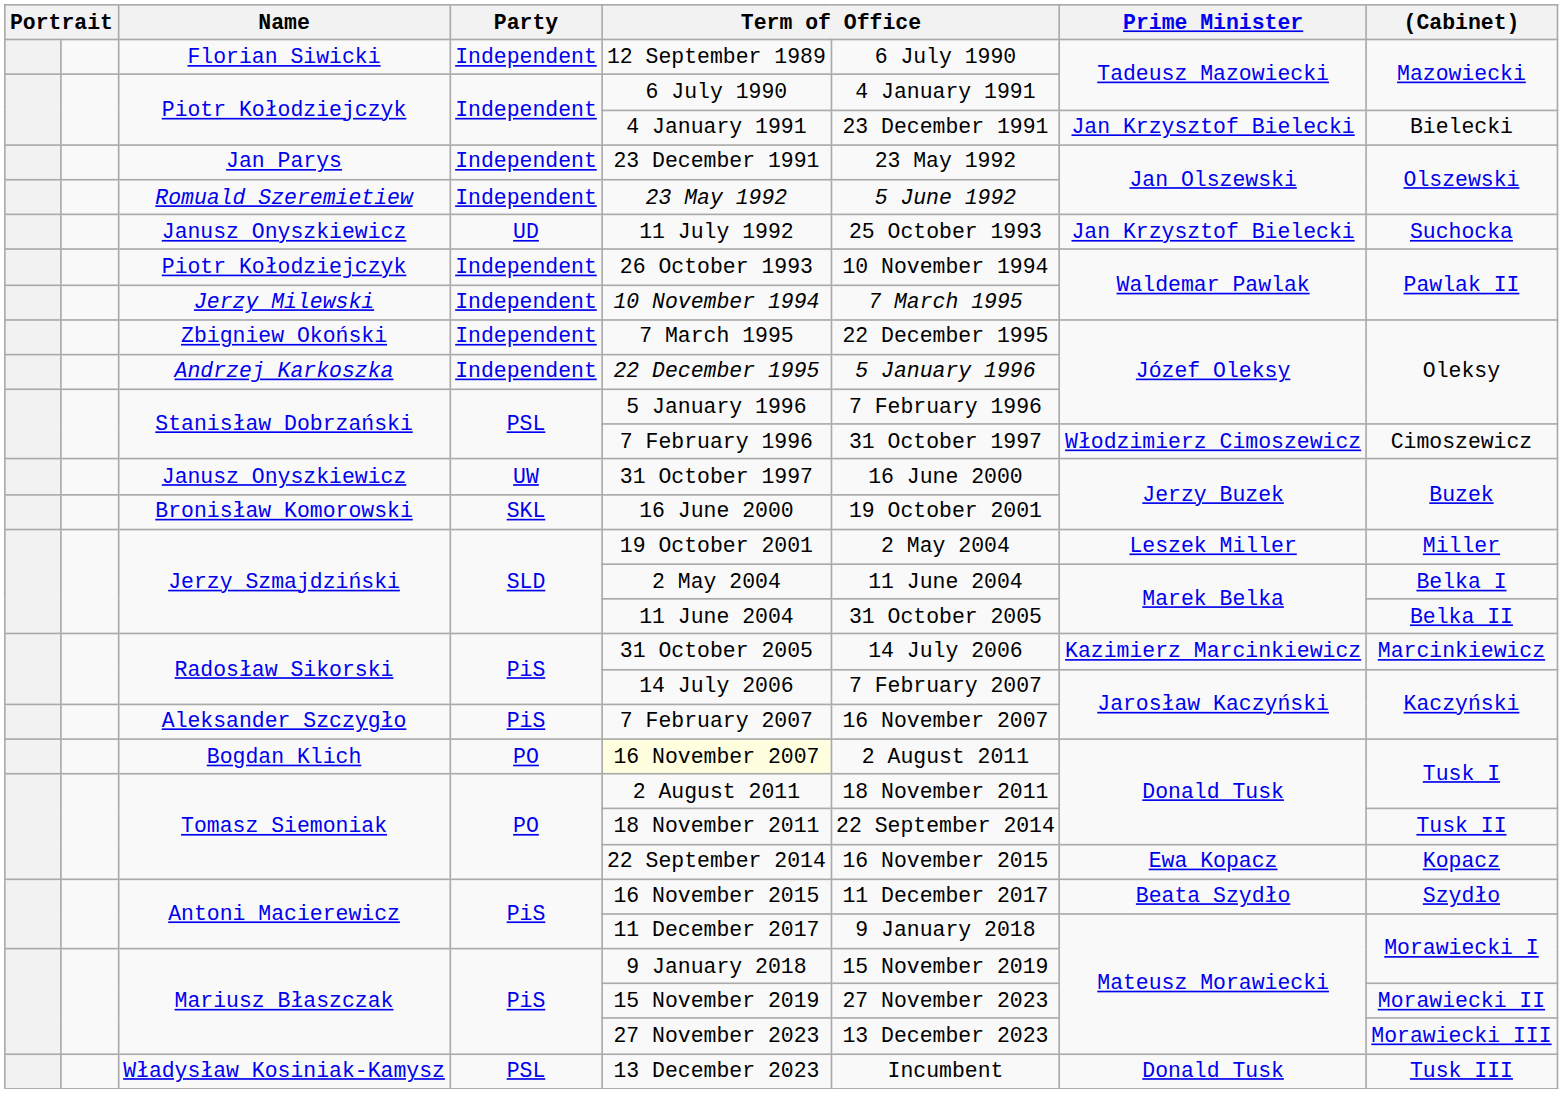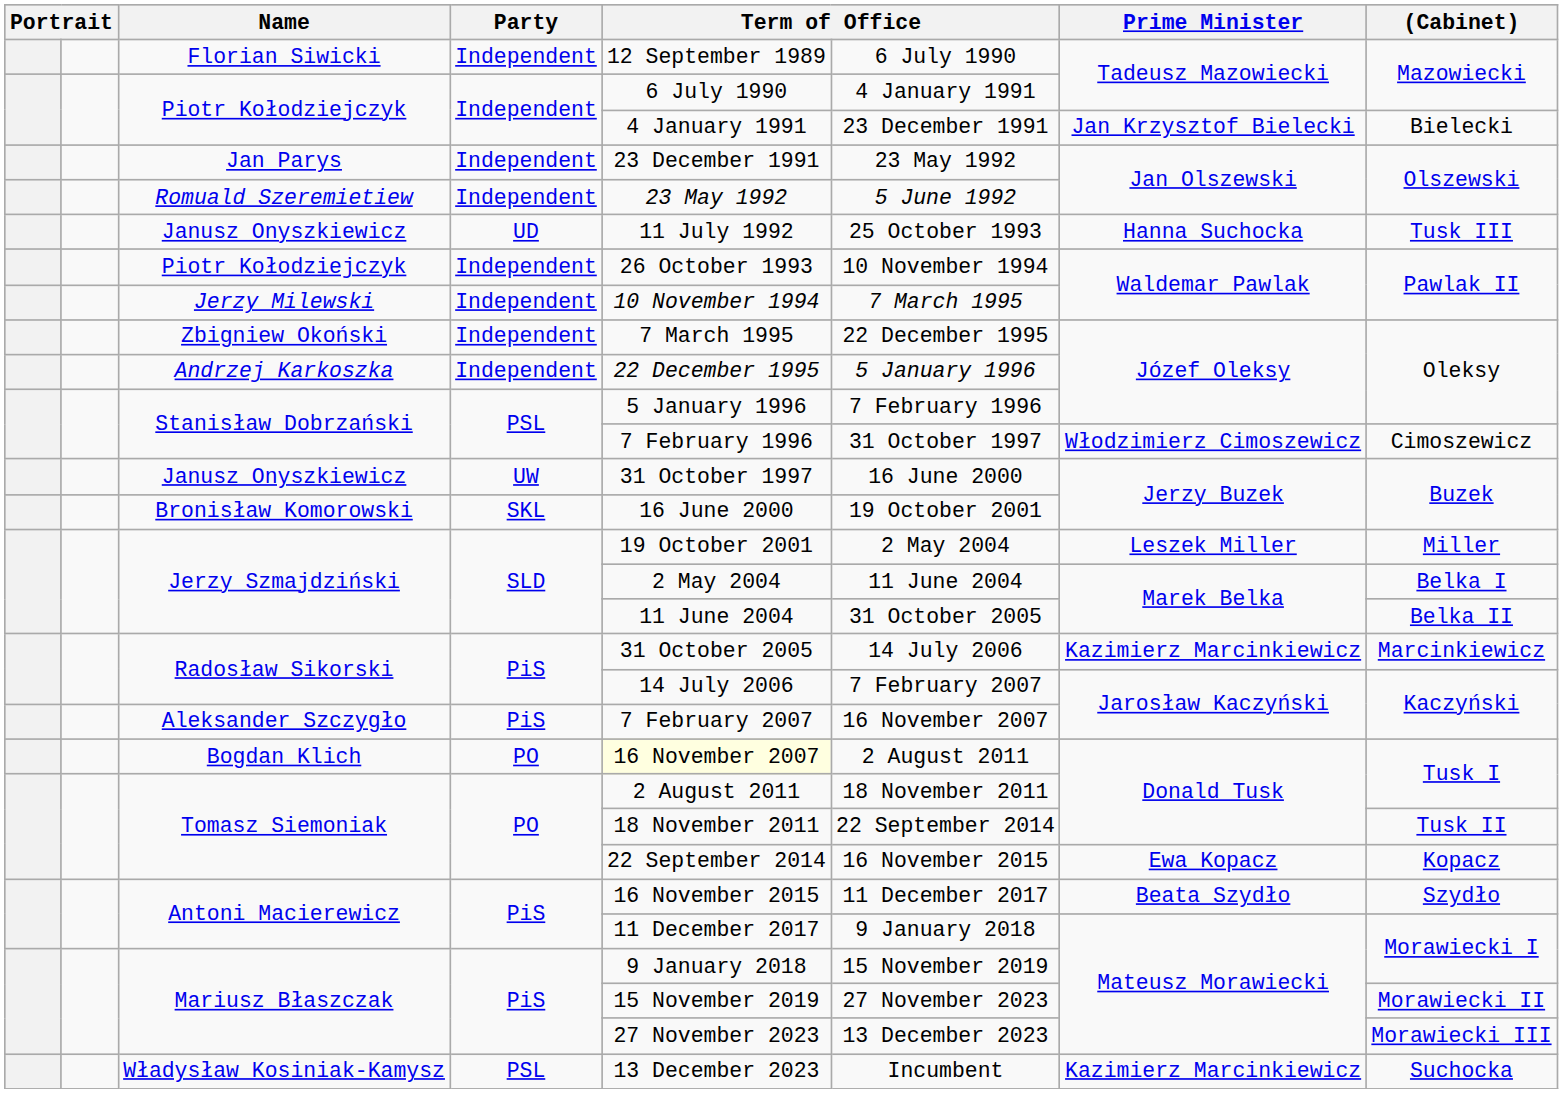 <table class="wikitable" style="text-align:center;">
 <tr>
 <th colspan=2>Portrait</th>
 <th>Name<br></th>
 <th>Party</th>
 <th colspan=2>Term of Office</th>
 <th><a href='#'>Prime Minister</a></th>
 <th>(Cabinet)</th>
 </tr>
 <tr>
 <th style="background:"></th>
 <td></td>
 <td><a href='#'>Florian Siwicki</a><br></td>
 <td><a href='#'>Independent</a></td>
 <td>12 September 1989</td>
 <td>6 July 1990</td>
 <td rowspan=2><a href='#'>Tadeusz Mazowiecki</a></td>
 <td rowspan=2><a href='#'>Mazowiecki</a></td>
 </tr>
 <tr>
 <th rowspan=2 style="background:"></th>
 <td rowspan=2></td>
 <td rowspan=2><a href='#'>Piotr Kołodziejczyk</a><br></td>
 <td rowspan=2><a href='#'>Independent</a></td>
 <td>6 July 1990</td>
 <td>4 January 1991</td>
 </tr>
 <tr>
 <td>4 January 1991</td>
 <td>23 December 1991</td>
 <td><a href='#'>Jan Krzysztof Bielecki</a></td>
 <td>Bielecki</td>
 </tr>
 <tr>
 <th style="background:"></th>
 <td></td>
 <td><a href='#'>Jan Parys</a><br></td>
 <td><a href='#'>Independent</a></td>
 <td>23 December 1991</td>
 <td>23 May 1992</td>
 <td rowspan=2><a href='#'>Jan Olszewski</a></td>
 <td rowspan=2><a href='#'>Olszewski</a></td>
 </tr>
 <tr>
 <th style="background:"></th>
 <td></td>
 <td><em><a href='#'>Romuald Szeremietiew</a></em><br></td>
 <td><a href='#'>Independent</a></td>
 <td><em>23 May 1992</em></td>
 <td><em>5 June 1992</em></td>
 </tr>
 <tr>
 <th style="background:"></th>
 <td></td>
 <td><a href='#'>Janusz Onyszkiewicz</a><br></td>
 <td><a href='#'>UD</a></td>
 <td>11 July 1992</td>
 <td>25 October 1993</td>
-<td><a href='#'>Jan Krzysztof Bielecki</a></td>
-<td><a href='#'>Suchocka</a></td>
+<td><a href='#'>Hanna Suchocka</a></td>
+<td><a href='#'>Tusk III</a></td>
 </tr>
 <tr>
 <th style="background:"></th>
 <td></td>
 <td><a href='#'>Piotr Kołodziejczyk</a><br></td>
 <td><a href='#'>Independent</a></td>
 <td>26 October 1993</td>
 <td>10 November 1994</td>
 <td rowspan=2><a href='#'>Waldemar Pawlak</a></td>
 <td rowspan=2><a href='#'>Pawlak II</a></td>
 </tr>
 <tr>
 <th style="background:"></th>
 <td></td>
 <td><em><a href='#'>Jerzy Milewski</a></em><br></td>
 <td><a href='#'>Independent</a></td>
 <td><em>10 November 1994</em></td>
 <td><em>7 March 1995</em></td>
 </tr>
 <tr>
 <th style="background:"></th>
 <td></td>
 <td><a href='#'>Zbigniew Okoński</a><br></td>
 <td><a href='#'>Independent</a></td>
 <td>7 March 1995</td>
 <td>22 December 1995</td>
 <td rowspan=3><a href='#'>Józef Oleksy</a></td>
 <td rowspan=3>Oleksy</td>
 </tr>
 <tr>
 <th style="background:"></th>
 <td></td>
 <td><em><a href='#'>Andrzej Karkoszka</a></em><br></td>
 <td><a href='#'>Independent</a></td>
 <td><em>22 December 1995</em></td>
 <td><em>5 January 1996</em></td>
 </tr>
 <tr>
 <th rowspan=2 style="background:"></th>
 <td rowspan=2></td>
 <td rowspan=2><a href='#'>Stanisław Dobrzański</a><br></td>
 <td rowspan=2><a href='#'>PSL</a></td>
 <td>5 January 1996</td>
 <td>7 February 1996</td>
 </tr>
 <tr>
 <td>7 February 1996</td>
 <td>31 October 1997</td>
 <td><a href='#'>Włodzimierz Cimoszewicz</a></td>
 <td>Cimoszewicz</td>
 </tr>
 <tr>
 <th style="background:"></th>
 <td></td>
 <td><a href='#'>Janusz Onyszkiewicz</a><br></td>
 <td><a href='#'>UW</a></td>
 <td>31 October 1997</td>
 <td>16 June 2000</td>
 <td rowspan=2><a href='#'>Jerzy Buzek</a></td>
 <td rowspan=2><a href='#'>Buzek</a></td>
 </tr>
 <tr>
 <th style="background:"></th>
 <td></td>
 <td><a href='#'>Bronisław Komorowski</a><br></td>
 <td><a href='#'>SKL</a></td>
 <td>16 June 2000</td>
 <td>19 October 2001</td>
 </tr>
 <tr>
 <th rowspan=3 style="background:"></th>
 <td rowspan=3></td>
 <td rowspan=3><a href='#'>Jerzy Szmajdziński</a><br></td>
 <td rowspan=3><a href='#'>SLD</a></td>
 <td>19 October 2001</td>
 <td>2 May 2004</td>
 <td><a href='#'>Leszek Miller</a></td>
 <td><a href='#'>Miller</a></td>
 </tr>
 <tr>
 <td>2 May 2004</td>
 <td>11 June 2004</td>
 <td rowspan=2><a href='#'>Marek Belka</a></td>
 <td><a href='#'>Belka I</a></td>
 </tr>
 <tr>
 <td>11 June 2004</td>
 <td>31 October 2005</td>
 <td><a href='#'>Belka II</a></td>
 </tr>
 <tr>
 <th rowspan=2 style="background:"></th>
 <td rowspan=2></td>
 <td rowspan=2><a href='#'>Radosław Sikorski</a><br></td>
 <td rowspan=2><a href='#'>PiS</a></td>
 <td>31 October 2005</td>
 <td>14 July 2006</td>
 <td><a href='#'>Kazimierz Marcinkiewicz</a></td>
 <td><a href='#'>Marcinkiewicz</a></td>
 </tr>
 <tr>
 <td>14 July 2006</td>
 <td>7 February 2007</td>
 <td rowspan=2><a href='#'>Jarosław Kaczyński</a></td>
 <td rowspan=2><a href='#'>Kaczyński</a></td>
 </tr>
 <tr>
 <th style="background:"></th>
 <td></td>
 <td><a href='#'>Aleksander Szczygło</a><br></td>
 <td><a href='#'>PiS</a></td>
 <td>7 February 2007</td>
 <td>16 November 2007</td>
 </tr>
 <tr>
 <th style="background:"></th>
 <td></td>
 <td><a href='#'>Bogdan Klich</a><br></td>
 <td><a href='#'>PO</a></td>
 <td style="background: lightyellow;">16 November 2007</td>
 <td>2 August 2011</td>
 <td rowspan=3><a href='#'>Donald Tusk</a></td>
 <td rowspan=2><a href='#'>Tusk I</a></td>
 </tr>
 <tr>
 <th rowspan=3 style="background:"></th>
 <td rowspan=3></td>
 <td rowspan=3><a href='#'>Tomasz Siemoniak</a><br></td>
 <td rowspan=3><a href='#'>PO</a></td>
 <td>2 August 2011</td>
 <td>18 November 2011</td>
 </tr>
 <tr>
 <td>18 November 2011</td>
 <td>22 September 2014</td>
 <td><a href='#'>Tusk II</a></td>
 </tr>
 <tr>
 <td>22 September 2014</td>
 <td>16 November 2015</td>
 <td><a href='#'>Ewa Kopacz</a></td>
 <td><a href='#'>Kopacz</a></td>
 </tr>
 <tr>
 <th rowspan=2 style="background:"></th>
 <td rowspan=2></td>
 <td rowspan=2><a href='#'>Antoni Macierewicz</a><br></td>
 <td rowspan=2><a href='#'>PiS</a></td>
 <td>16 November 2015</td>
 <td>11 December 2017</td>
 <td><a href='#'>Beata Szydło</a></td>
 <td><a href='#'>Szydło</a></td>
 </tr>
 <tr>
 <td>11 December 2017</td>
 <td>9 January 2018</td>
 <td rowspan=4><a href='#'>Mateusz Morawiecki</a></td>
 <td rowspan=2><a href='#'>Morawiecki I</a></td>
 </tr>
 <tr>
 <th rowspan=3 style="background:"></th>
 <td rowspan=3></td>
 <td rowspan=3><a href='#'>Mariusz Błaszczak</a><br></td>
 <td rowspan=3><a href='#'>PiS</a></td>
 <td>9 January 2018</td>
 <td>15 November 2019</td>
 </tr>
 <tr>
 <td>15 November 2019</td>
 <td>27 November 2023</td>
 <td><a href='#'>Morawiecki II</a></td>
 </tr>
 <tr>
 <td>27 November 2023</td>
 <td>13 December 2023</td>
 <td><a href='#'>Morawiecki III</a></td>
 </tr>
 <tr>
 <th style="background:"></th>
 <td></td>
 <td><a href='#'>Władysław Kosiniak-Kamysz</a><br></td>
 <td><a href='#'>PSL</a></td>
 <td>13 December 2023</td>
 <td>Incumbent</td>
-<td><a href='#'>Donald Tusk</a></td>
-<td><a href='#'>Tusk III</a></td>
+<td><a href='#'>Kazimierz Marcinkiewicz</a></td>
+<td><a href='#'>Suchocka</a></td>
 </tr>
 </table>
